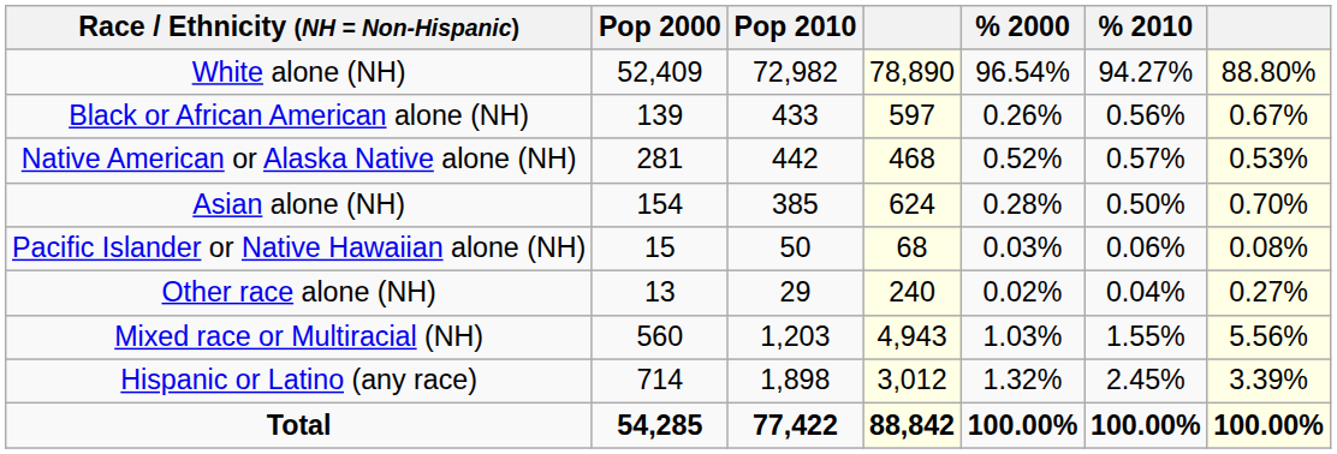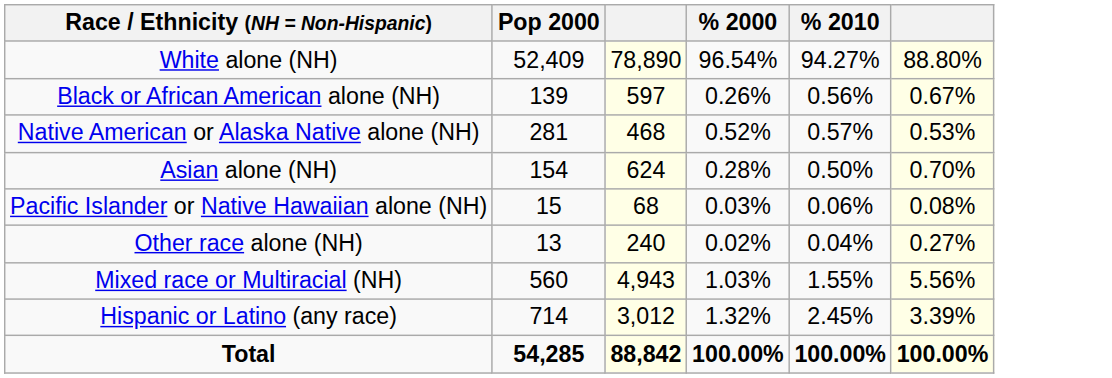 <table class="wikitable" style="text-align:center;">
 <tr>
 <th>Race / Ethnicity <small>(<em>NH = Non-Hispanic</em>)</small></th>
 <th>Pop 2000</th>
-<th>Pop 2010</th>
 <th></th>
 <th>% 2000</th>
 <th>% 2010</th>
 <th></th>
 </tr>
 <tr>
 <td><a href='#'>White</a> alone (NH)</td>
 <td>52,409</td>
-<td>72,982</td>
 <td style='background: #ffffe6;'>78,890</td>
 <td>96.54%</td>
 <td>94.27%</td>
 <td style='background: #ffffe6;'>88.80%</td>
 </tr>
 <tr>
 <td><a href='#'>Black or African American</a> alone (NH)</td>
 <td>139</td>
-<td>433</td>
 <td style='background: #ffffe6;'>597</td>
 <td>0.26%</td>
 <td>0.56%</td>
 <td style='background: #ffffe6;'>0.67%</td>
 </tr>
 <tr>
 <td><a href='#'>Native American</a> or <a href='#'>Alaska Native</a> alone (NH)</td>
 <td>281</td>
-<td>442</td>
 <td style='background: #ffffe6;'>468</td>
 <td>0.52%</td>
 <td>0.57%</td>
 <td style='background: #ffffe6;'>0.53%</td>
 </tr>
 <tr>
 <td><a href='#'>Asian</a> alone (NH)</td>
 <td>154</td>
-<td>385</td>
 <td style='background: #ffffe6;'>624</td>
 <td>0.28%</td>
 <td>0.50%</td>
 <td style='background: #ffffe6;'>0.70%</td>
 </tr>
 <tr>
 <td><a href='#'>Pacific Islander</a> or <a href='#'>Native Hawaiian</a> alone (NH)</td>
 <td>15</td>
-<td>50</td>
 <td style='background: #ffffe6;'>68</td>
 <td>0.03%</td>
 <td>0.06%</td>
 <td style='background: #ffffe6;'>0.08%</td>
 </tr>
 <tr>
 <td><a href='#'>Other race</a> alone (NH)</td>
 <td>13</td>
-<td>29</td>
 <td style='background: #ffffe6;'>240</td>
 <td>0.02%</td>
 <td>0.04%</td>
 <td style='background: #ffffe6;'>0.27%</td>
 </tr>
 <tr>
 <td><a href='#'>Mixed race or Multiracial</a> (NH)</td>
 <td>560</td>
-<td>1,203</td>
 <td style='background: #ffffe6;'>4,943</td>
 <td>1.03%</td>
 <td>1.55%</td>
 <td style='background: #ffffe6;'>5.56%</td>
 </tr>
 <tr>
 <td><a href='#'>Hispanic or Latino</a> (any race)</td>
 <td>714</td>
-<td>1,898</td>
 <td style='background: #ffffe6;'>3,012</td>
 <td>1.32%</td>
 <td>2.45%</td>
 <td style='background: #ffffe6;'>3.39%</td>
 </tr>
 <tr>
 <td><strong>Total</strong></td>
 <td><strong>54,285</strong></td>
-<td><strong>77,422</strong></td>
 <td style='background: #ffffe6;'><strong>88,842</strong></td>
 <td><strong>100.00%</strong></td>
 <td><strong>100.00%</strong></td>
 <td style='background: #ffffe6;'><strong>100.00%</strong></td>
 </tr>
 </table>
